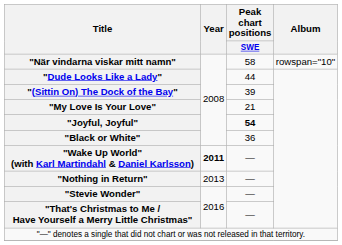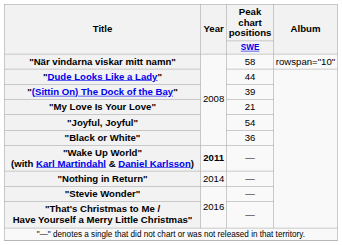 <table class="wikitable plainrowheaders" style="text-align:center;">
 <tr>
 <th scope="col" rowspan="2" style="width:20em;">Title</th>
 <th scope="col" rowspan="2" style="width:1em;">Year</th>
 <th scope="col">Peak chart positions</th>
 <th scope="col" rowspan="2">Album</th>
 </tr>
 <tr>
 <th scope="col" style="width:3em;font-size:85%;"><a href='#'>SWE</a><br></th>
 </tr>
 <tr>
 <th scope="row">"När vindarna viskar mitt namn"</th>
 <td rowspan="6">2008</td>
 <td>58</td>
 <td>rowspan="10" </td>
 </tr>
 <tr>
 <th scope="row">"<a href='#'>Dude Looks Like a Lady</a>"</th>
 <td>44</td>
 </tr>
 <tr>
 <th scope="row">"<a href='#'>(Sittin On) The Dock of the Bay</a>"</th>
 <td>39</td>
 </tr>
 <tr>
 <th scope="row">"My Love Is Your Love"</th>
 <td>21</td>
 </tr>
 <tr>
 <th scope="row">"Joyful, Joyful"</th>
-<td><strong>54</strong></td>
+<td>54</td>
 </tr>
 <tr>
 <th scope="row">"Black or White"</th>
 <td>36</td>
 </tr>
 <tr>
 <th scope="row">"Wake Up World"<br><span>(with <a href='#'>Karl Martindahl</a> & <a href='#'>Daniel Karlsson</a>)</span></th>
 <td><strong>2011</strong></td>
 <td>—</td>
 </tr>
 <tr>
 <th scope="row">"Nothing in Return"</th>
-<td>2013</td>
+<td>2014</td>
 <td>—</td>
 </tr>
 <tr>
 <th scope="row">"Stevie Wonder"</th>
 <td rowspan="2">2016</td>
 <td>—</td>
 </tr>
 <tr>
 <th scope="row">"That's Christmas to Me /<br>Have Yourself a Merry Little Christmas"</th>
 <td>—</td>
 </tr>
 <tr>
 <td colspan="6" style="font-size:85%">"—" denotes a single that did not chart or was not released in that territory.</td>
 </tr>
 <tr>
 </tr>
 </table>
